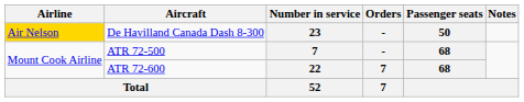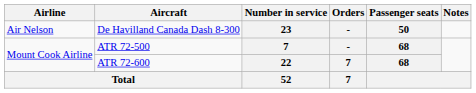 <table class="wikitable" style="border-collapse:collapse">
 <tr>
 <th>Airline</th>
 <th>Aircraft</th>
 <th>Number in service</th>
 <th>Orders</th>
 <th>Passenger seats</th>
 <th>Notes</th>
 </tr>
 <tr>
-<td style="background: gold;"><a href='#'>Air Nelson</a></td>
+<td><a href='#'>Air Nelson</a></td>
 <td><a href='#'>De Havilland Canada Dash 8-300</a></td>
 <th>23</th>
 <th>-</th>
 <th>50</th>
 <td></td>
 </tr>
 <tr>
 <td rowspan=2><a href='#'>Mount Cook Airline</a></td>
 <td><a href='#'>ATR 72-500</a></td>
 <th>7</th>
 <th>-</th>
 <th>68</th>
 <td rowspan=2></td>
 </tr>
 <tr>
 <td><a href='#'>ATR 72-600</a></td>
 <th>22</th>
 <th>7</th>
 <th>68</th>
 </tr>
 <tr>
 <th colspan=2>Total</th>
 <th>52</th>
 <th>7</th>
 <th colspan=2></th>
 </tr>
 </table>
